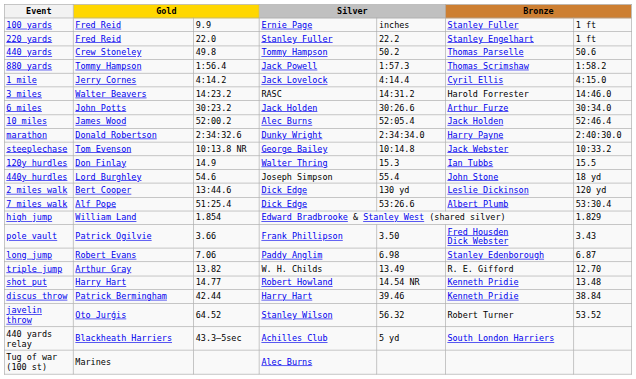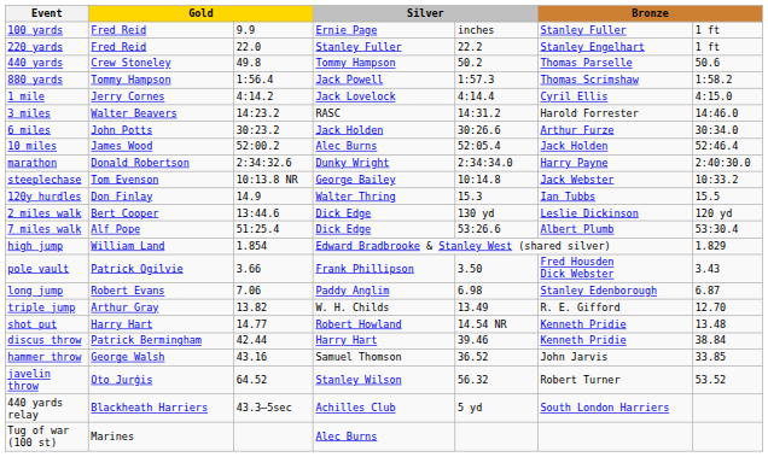 <table class="wikitable" style="text-align:left">
 <tr>
 <th width=100>Event</th>
 <th colspan="2" width="280" style="background:gold;">Gold</th>
 <th colspan="2" width="280" style="background:silver;">Silver</th>
 <th colspan="2" width="280" style="background:#CD7F32;">Bronze</th>
 </tr>
 <tr>
 <td><a href='#'>100 yards</a></td>
 <td> <a href='#'>Fred Reid</a></td>
 <td>9.9</td>
 <td><a href='#'>Ernie Page</a></td>
 <td>inches</td>
 <td><a href='#'>Stanley Fuller</a></td>
 <td>1 ft</td>
 </tr>
 <tr>
 <td><a href='#'>220 yards</a></td>
 <td> <a href='#'>Fred Reid</a></td>
 <td>22.0</td>
 <td><a href='#'>Stanley Fuller</a></td>
 <td>22.2</td>
 <td><a href='#'>Stanley Engelhart</a></td>
 <td>1 ft</td>
 </tr>
 <tr>
 <td><a href='#'>440 yards</a></td>
 <td><a href='#'>Crew Stoneley</a></td>
 <td>49.8</td>
 <td><a href='#'>Tommy Hampson</a></td>
 <td>50.2</td>
 <td><a href='#'>Thomas Parselle</a></td>
 <td>50.6</td>
 </tr>
 <tr>
 <td><a href='#'>880 yards</a></td>
 <td><a href='#'>Tommy Hampson</a></td>
 <td>1:56.4</td>
 <td><a href='#'>Jack Powell</a></td>
 <td>1:57.3</td>
 <td><a href='#'>Thomas Scrimshaw</a></td>
 <td>1:58.2</td>
 </tr>
 <tr>
 <td><a href='#'>1 mile</a></td>
 <td><a href='#'>Jerry Cornes</a></td>
 <td>4:14.2</td>
 <td> <a href='#'>Jack Lovelock</a></td>
 <td>4:14.4</td>
 <td><a href='#'>Cyril Ellis</a></td>
 <td>4:15.0</td>
 </tr>
 <tr>
 <td><a href='#'>3 miles</a></td>
 <td><a href='#'>Walter Beavers</a></td>
 <td>14:23.2</td>
 <td>RASC</td>
 <td>14:31.2</td>
 <td>Harold Forrester</td>
 <td>14:46.0</td>
 </tr>
 <tr>
 <td><a href='#'>6 miles</a></td>
 <td><a href='#'>John Potts</a></td>
 <td>30:23.2</td>
 <td><a href='#'>Jack Holden</a></td>
 <td>30:26.6</td>
 <td><a href='#'>Arthur Furze</a></td>
 <td>30:34.0</td>
 </tr>
 <tr>
 <td><a href='#'>10 miles</a></td>
 <td> <a href='#'>James Wood</a></td>
 <td>52:00.2</td>
 <td><a href='#'>Alec Burns</a></td>
 <td>52:05.4</td>
 <td><a href='#'>Jack Holden</a></td>
 <td>52:46.4</td>
 </tr>
 <tr>
 <td><a href='#'>marathon</a></td>
 <td> <a href='#'>Donald Robertson</a></td>
 <td>2:34:32.6</td>
 <td> <a href='#'>Dunky Wright</a></td>
 <td>2:34:34.0</td>
 <td><a href='#'>Harry Payne</a></td>
 <td>2:40:30.0</td>
 </tr>
 <tr>
 <td><a href='#'>steeplechase</a></td>
 <td><a href='#'>Tom Evenson</a></td>
 <td>10:13.8 NR</td>
 <td><a href='#'>George Bailey</a></td>
 <td>10:14.8</td>
 <td><a href='#'>Jack Webster</a></td>
 <td>10:33.2</td>
 </tr>
 <tr>
 <td><a href='#'>120y hurdles</a></td>
 <td><a href='#'>Don Finlay</a></td>
 <td>14.9</td>
 <td><a href='#'>Walter Thring</a></td>
 <td>15.3</td>
 <td><a href='#'>Ian Tubbs</a></td>
 <td>15.5</td>
 </tr>
 <tr>
-<td><a href='#'>440y hurdles</a></td>
-<td><a href='#'>Lord Burghley</a></td>
-<td>54.6</td>
-<td>Joseph Simpson</td>
-<td>55.4</td>
-<td><a href='#'>John Stone</a></td>
-<td>18 yd</td>
-</tr>
-<tr>
 <td><a href='#'>2 miles walk</a></td>
 <td><a href='#'>Bert Cooper</a></td>
 <td>13:44.6</td>
 <td><a href='#'>Dick Edge</a></td>
 <td>130 yd</td>
 <td><a href='#'>Leslie Dickinson</a></td>
 <td>120 yd</td>
 </tr>
 <tr>
 <td><a href='#'>7 miles walk</a></td>
 <td><a href='#'>Alf Pope</a></td>
 <td>51:25.4</td>
 <td><a href='#'>Dick Edge</a></td>
 <td>53:26.6</td>
 <td><a href='#'>Albert Plumb</a></td>
 <td>53:30.4</td>
 </tr>
 <tr>
 <td><a href='#'>high jump</a></td>
 <td><a href='#'>William Land</a></td>
 <td>1.854</td>
 <td colspan=3><a href='#'>Edward Bradbrooke</a> & <a href='#'>Stanley West</a> (shared silver)</td>
 <td>1.829</td>
 </tr>
 <tr>
 <td><a href='#'>pole vault</a></td>
 <td> <a href='#'>Patrick Ogilvie</a></td>
 <td>3.66</td>
 <td><a href='#'>Frank Phillipson</a></td>
 <td>3.50</td>
 <td><a href='#'>Fred Housden</a> <br><a href='#'>Dick Webster</a></td>
 <td>3.43</td>
 </tr>
 <tr>
 <td><a href='#'>long jump</a></td>
 <td> <a href='#'>Robert Evans</a></td>
 <td>7.06</td>
 <td> <a href='#'>Paddy Anglim</a></td>
 <td>6.98</td>
 <td><a href='#'>Stanley Edenborough</a></td>
 <td>6.87</td>
 </tr>
 <tr>
 <td><a href='#'>triple jump</a></td>
 <td><a href='#'>Arthur Gray</a></td>
 <td>13.82</td>
 <td>W. H. Childs</td>
 <td>13.49</td>
 <td>R. E. Gifford</td>
 <td>12.70</td>
 </tr>
 <tr>
 <td><a href='#'>shot put</a></td>
 <td> <a href='#'>Harry Hart</a></td>
 <td>14.77</td>
 <td><a href='#'>Robert Howland</a></td>
 <td>14.54 NR</td>
 <td><a href='#'>Kenneth Pridie</a></td>
 <td>13.48</td>
 </tr>
 <tr>
 <td><a href='#'>discus throw</a></td>
 <td> <a href='#'>Patrick Bermingham</a></td>
 <td>42.44</td>
 <td> <a href='#'>Harry Hart</a></td>
 <td>39.46</td>
 <td><a href='#'>Kenneth Pridie</a></td>
 <td>38.84</td>
 </tr>
 <tr>
+<td><a href='#'>hammer throw</a></td>
+<td> <a href='#'>George Walsh</a></td>
+<td>43.16</td>
+<td> Samuel Thomson</td>
+<td>36.52</td>
+<td>John Jarvis</td>
+<td>33.85</td>
+</tr>
+<tr>
 <td><a href='#'>javelin throw</a></td>
 <td> <a href='#'>Oto Jurģis</a></td>
 <td>64.52</td>
 <td><a href='#'>Stanley Wilson</a></td>
 <td>56.32</td>
 <td>Robert Turner</td>
 <td>53.52</td>
 </tr>
 <tr>
 <td>440 yards relay</td>
 <td><a href='#'>Blackheath Harriers</a></td>
 <td>43.3–5sec</td>
 <td><a href='#'>Achilles Club</a></td>
 <td>5 yd</td>
 <td><a href='#'>South London Harriers</a></td>
 <td></td>
 </tr>
 <tr>
 <td>Tug of war (100 st)</td>
 <td>Marines</td>
 <td></td>
 <td><a href='#'>Alec Burns</a></td>
 <td></td>
 <td></td>
 <td></td>
 </tr>
 </table>
